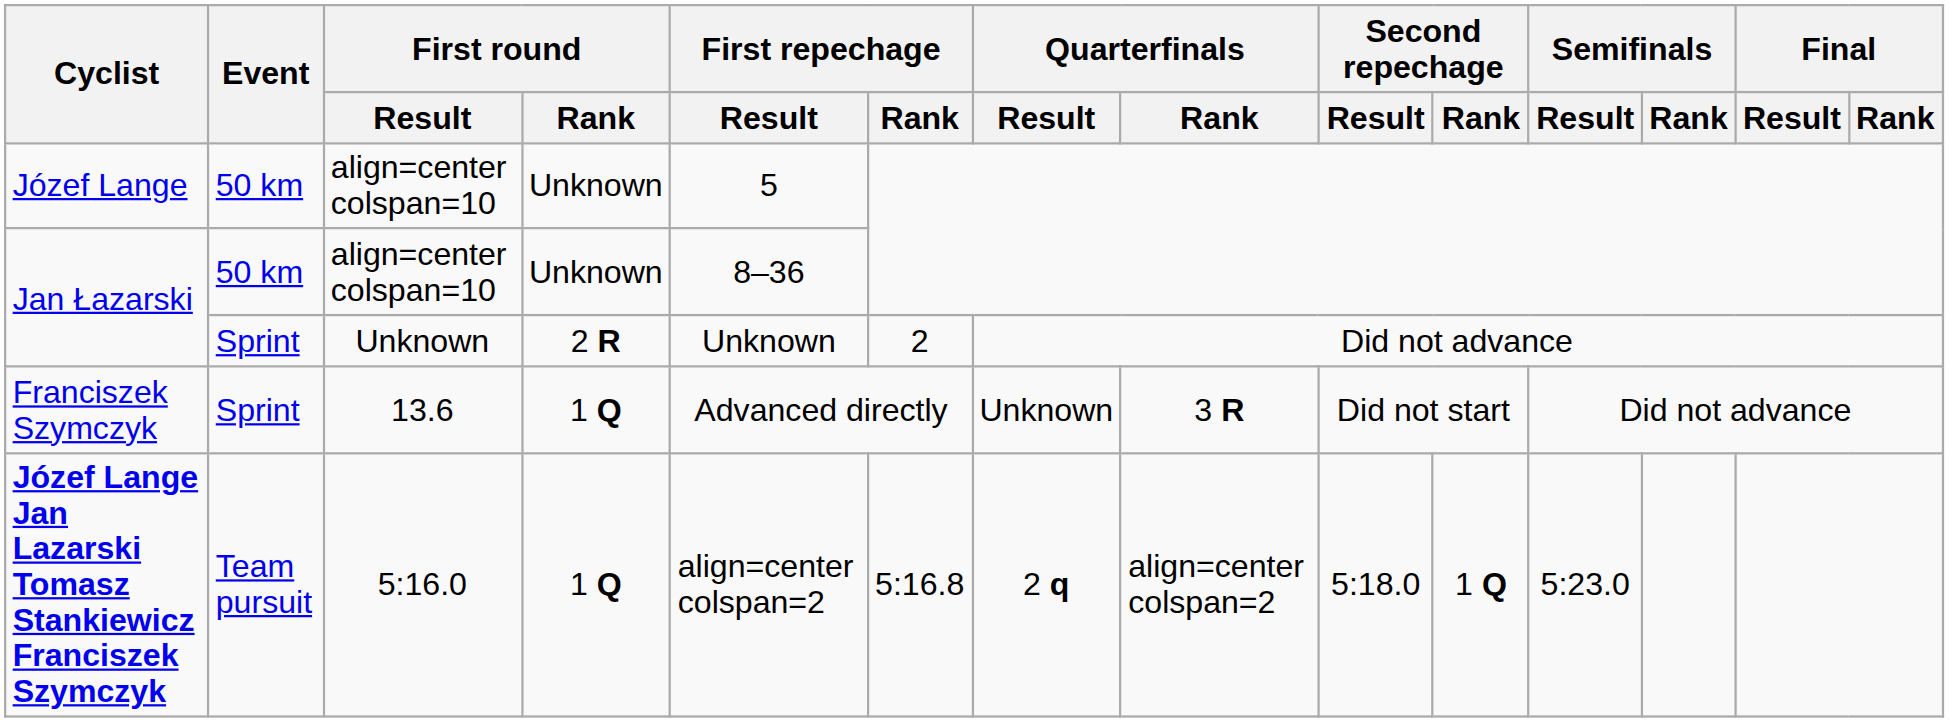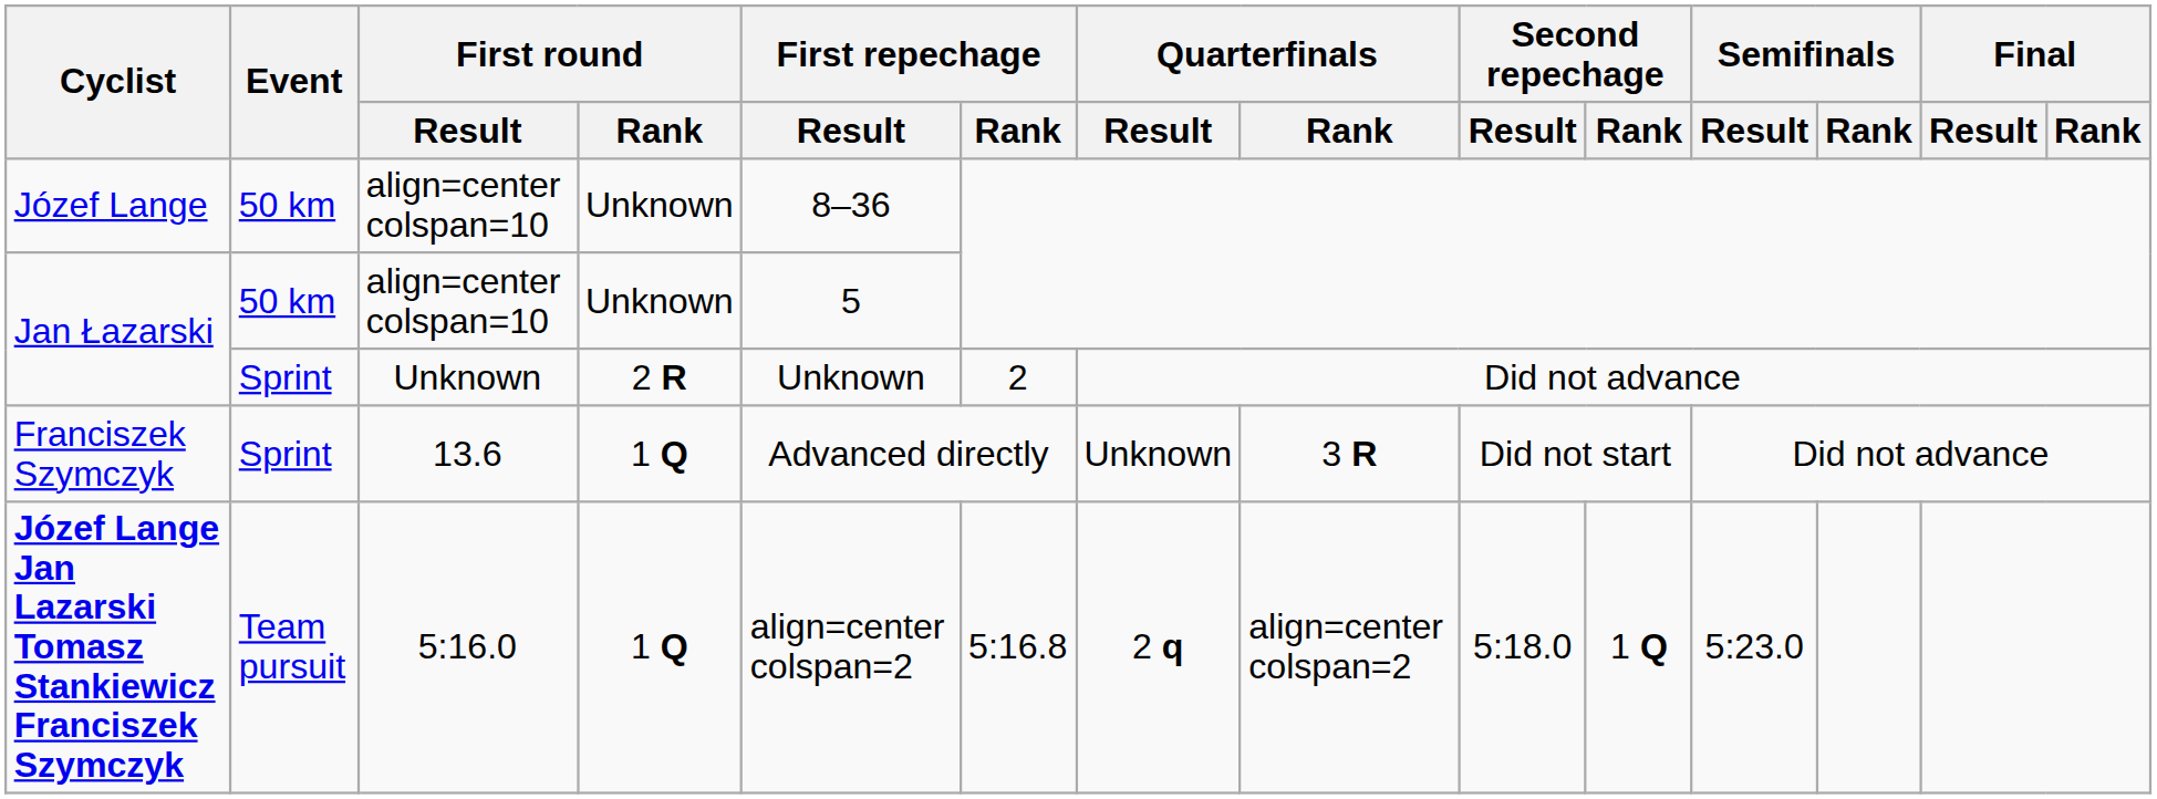 <table class=wikitable style="font-size:90%">
 <tr>
 <th rowspan=2>Cyclist</th>
 <th rowspan=2>Event</th>
 <th colspan=2>First round</th>
 <th colspan=2>First repechage</th>
 <th colspan=2>Quarterfinals</th>
 <th colspan=2>Second repechage</th>
 <th colspan=2>Semifinals</th>
 <th colspan=2>Final</th>
 </tr>
 <tr>
 <th>Result</th>
 <th>Rank</th>
 <th>Result</th>
 <th>Rank</th>
 <th>Result</th>
 <th>Rank</th>
 <th>Result</th>
 <th>Rank</th>
 <th>Result</th>
 <th>Rank</th>
 <th>Result</th>
 <th>Rank</th>
 </tr>
 <tr>
 <td><a href='#'>Józef Lange</a></td>
 <td><a href='#'>50 km</a></td>
 <td>align=center colspan=10 </td>
 <td align=center>Unknown</td>
-<td align=center>5</td>
+<td align=center>8–36</td>
 </tr>
 <tr>
 <td rowspan=2><a href='#'>Jan Łazarski</a></td>
 <td><a href='#'>50 km</a></td>
 <td>align=center colspan=10 </td>
 <td align=center>Unknown</td>
-<td align=center>8–36</td>
+<td align=center>5</td>
 </tr>
 <tr>
 <td><a href='#'>Sprint</a></td>
 <td align=center>Unknown</td>
 <td align=center>2 <strong>R</strong></td>
 <td align=center>Unknown</td>
 <td align=center>2</td>
 <td align=center colspan=8>Did not advance</td>
 </tr>
 <tr>
 <td><a href='#'>Franciszek Szymczyk</a></td>
 <td><a href='#'>Sprint</a></td>
 <td align=center>13.6</td>
 <td align=center>1 <strong>Q</strong></td>
 <td align=center colspan=2>Advanced directly</td>
 <td align=center>Unknown</td>
 <td align=center>3 <strong>R</strong></td>
 <td align=center colspan=2>Did not start</td>
 <td align=center colspan=4>Did not advance</td>
 </tr>
 <tr>
 <td><strong><a href='#'>Józef Lange</a> <br> <a href='#'>Jan Lazarski</a> <br> <a href='#'>Tomasz Stankiewicz</a> <br> <a href='#'>Franciszek Szymczyk</a></strong></td>
 <td><a href='#'>Team pursuit</a></td>
 <td align=center>5:16.0</td>
 <td align=center>1 <strong>Q</strong></td>
 <td>align=center colspan=2 </td>
 <td align=center>5:16.8</td>
 <td align=center>2 <strong>q</strong></td>
 <td>align=center colspan=2 </td>
 <td align=center>5:18.0</td>
 <td align=center>1 <strong>Q</strong></td>
 <td align=center>5:23.0</td>
 <td align=center></td>
 </tr>
 </table>
